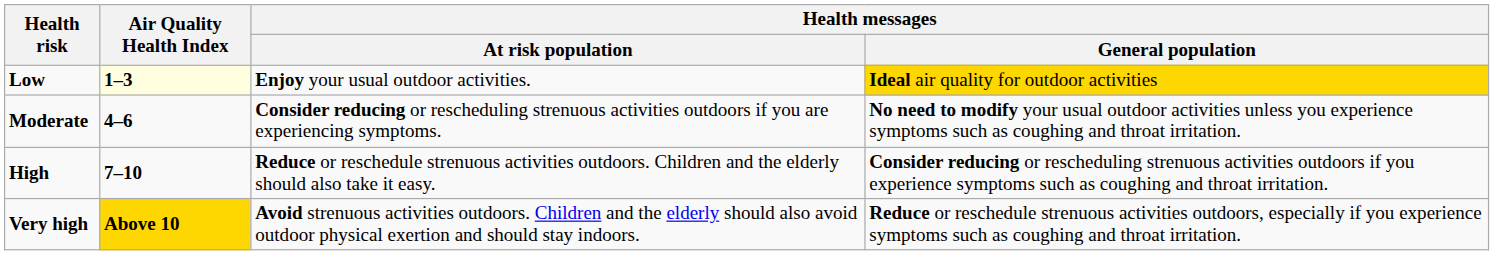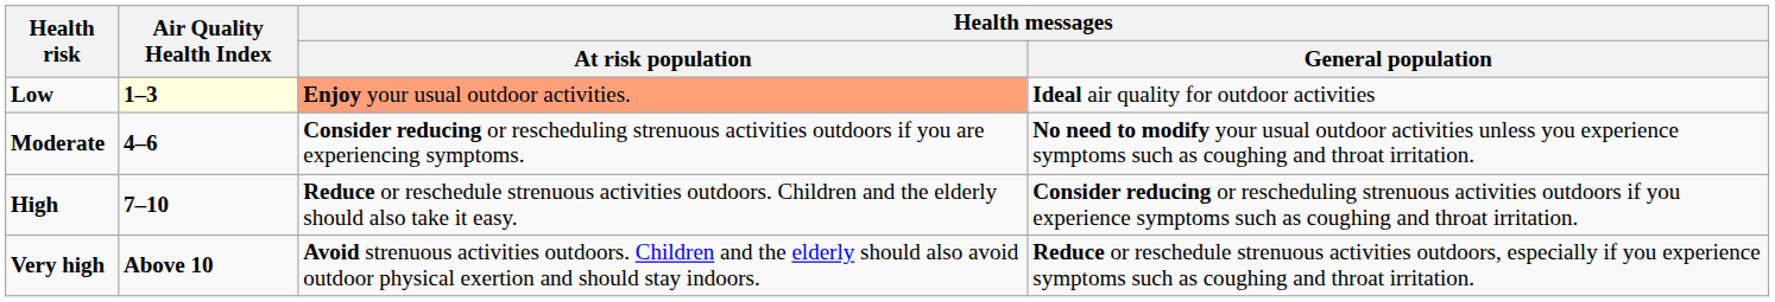 <table class="wikitable">
 <tr>
 <th rowspan="2">Health risk</th>
 <th rowspan="2">Air Quality Health Index</th>
 <th colspan="2" style="text-align: center;">Health messages</th>
 </tr>
 <tr>
 <th>At risk population</th>
 <th>General population</th>
 </tr>
 <tr>
 <td><strong>Low</strong></td>
 <td style="background: lightyellow;"><strong>1–3</strong></td>
-<td><strong>Enjoy</strong> your usual outdoor activities.</td>
-<td style="background: gold;"><strong>Ideal</strong> air quality for outdoor activities</td>
+<td style="background: lightsalmon;"><strong>Enjoy</strong> your usual outdoor activities.</td>
+<td><strong>Ideal</strong> air quality for outdoor activities</td>
 </tr>
 <tr>
 <td><strong>Moderate</strong></td>
 <td><strong>4–6</strong></td>
 <td><strong>Consider reducing</strong> or rescheduling strenuous activities outdoors if you are experiencing symptoms.</td>
 <td><strong>No need to modify</strong> your usual outdoor activities unless you experience symptoms such as coughing and throat irritation.</td>
 </tr>
 <tr>
 <td><strong>High</strong></td>
 <td><strong>7–10</strong></td>
 <td><strong>Reduce</strong> or reschedule strenuous activities outdoors. Children and the elderly should also take it easy.</td>
 <td><strong>Consider reducing</strong> or rescheduling strenuous activities outdoors if you experience symptoms such as coughing and throat irritation.</td>
 </tr>
 <tr>
 <td><strong>Very high</strong></td>
-<td style="background: gold;"><strong>Above 10</strong></td>
+<td><strong>Above 10</strong></td>
 <td><strong>Avoid</strong> strenuous activities outdoors. <a href='#'>Children</a> and the <a href='#'>elderly</a> should also avoid outdoor physical exertion and should stay indoors.</td>
 <td><strong>Reduce</strong> or reschedule strenuous activities outdoors, especially if you experience symptoms such as coughing and throat irritation.</td>
 </tr>
 </table>
